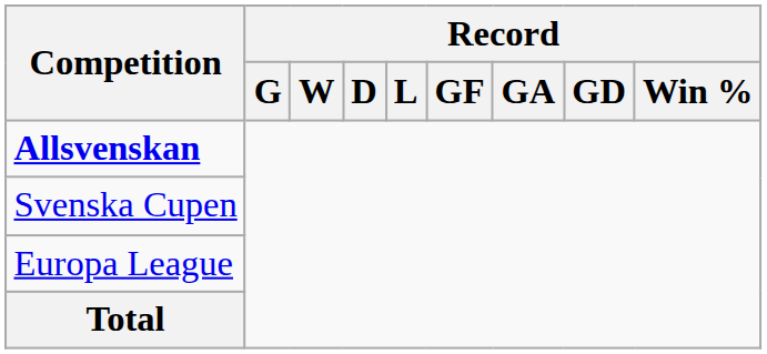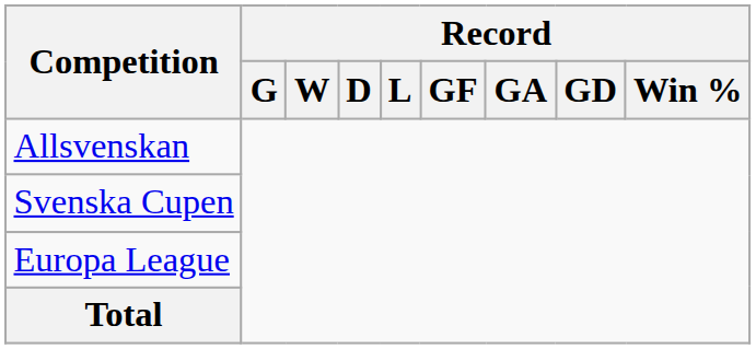 <table class="wikitable" style="text-align: center">
 <tr>
 <th rowspan="2">Competition</th>
 <th colspan="9">Record</th>
 </tr>
 <tr>
 <th>G</th>
 <th>W</th>
 <th>D</th>
 <th>L</th>
 <th>GF</th>
 <th>GA</th>
 <th>GD</th>
 <th>Win %</th>
 </tr>
 <tr>
-<td style="text-align: left"><strong><a href='#'>Allsvenskan</a><br></strong></td>
+<td style="text-align: left"><a href='#'>Allsvenskan</a><br></td>
 </tr>
 <tr>
 <td style="text-align: left"><a href='#'>Svenska Cupen</a><br></td>
 </tr>
 <tr>
 <td style="text-align: left"><a href='#'>Europa League</a><br></td>
 </tr>
 <tr>
 <th>Total<br></th>
 </tr>
 </table>
